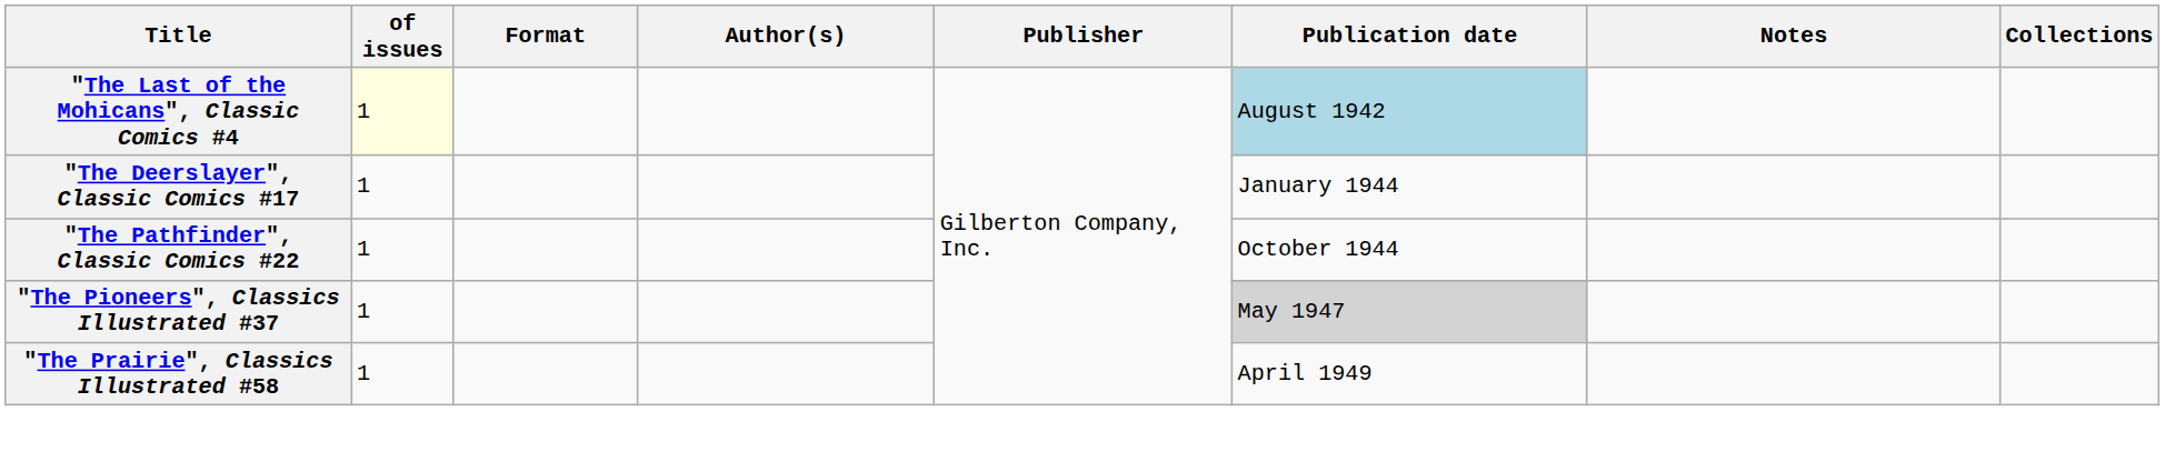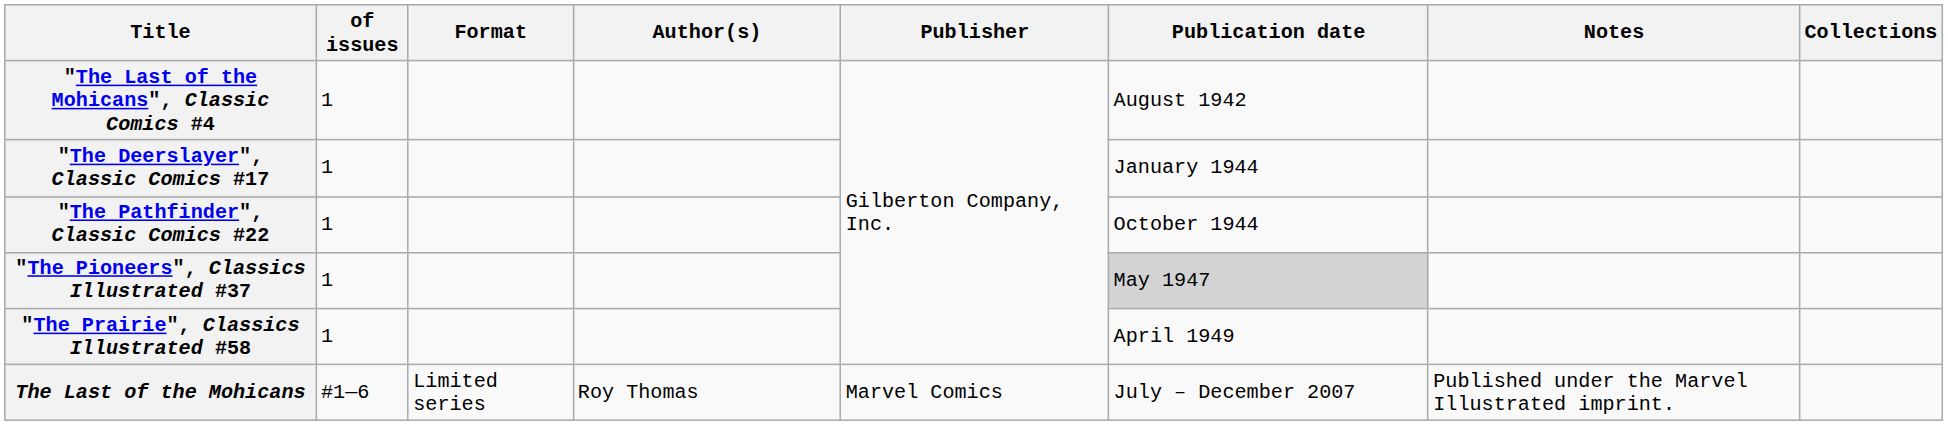 <table class="wikitable">
 <tr>
 <th>Title</th>
 <th style="width:40pt"> of issues</th>
 <th style="width:75pt">Format</th>
 <th style="width:125pt">Author(s)</th>
 <th style="width:125pt">Publisher</th>
 <th style="width:150pt">Publication date</th>
 <th style="width:175pt">Notes</th>
 <th>Collections</th>
 </tr>
 <tr>
 <th>"<a href='#'>The Last of the Mohicans</a>", <em>Classic Comics</em> #4</th>
-<td style="background: lightyellow;">1</td>
+<td>1</td>
 <td></td>
 <td></td>
 <td rowspan="5">Gilberton Company, Inc.</td>
-<td style="background: lightblue;">August 1942</td>
+<td>August 1942</td>
 <td></td>
 <td></td>
 </tr>
 <tr>
 <th>"<a href='#'>The Deerslayer</a>", <em>Classic Comics</em> #17</th>
 <td>1</td>
 <td></td>
 <td></td>
 <td>January 1944</td>
 <td></td>
 <td></td>
 </tr>
 <tr>
 <th>"<a href='#'>The Pathfinder</a>", <em>Classic Comics</em> #22</th>
 <td>1</td>
 <td></td>
 <td></td>
 <td>October 1944</td>
 <td></td>
 <td></td>
 </tr>
 <tr>
 <th>"<a href='#'>The Pioneers</a>", <em>Classics Illustrated</em> #37</th>
 <td>1</td>
 <td></td>
 <td></td>
 <td style="background: lightgrey;">May 1947</td>
 <td></td>
 <td></td>
 </tr>
 <tr>
 <th>"<a href='#'>The Prairie</a>", <em>Classics Illustrated</em> #58</th>
 <td>1</td>
 <td></td>
 <td></td>
 <td>April 1949</td>
 <td></td>
 <td></td>
 </tr>
+<tr>
+<th><em>The Last of the Mohicans</em></th>
+<td>#1—6</td>
+<td>Limited series</td>
+<td>Roy Thomas</td>
+<td>Marvel Comics</td>
+<td>July – December 2007</td>
+<td>Published under the Marvel Illustrated imprint.</td>
+<td></td>
+</tr>
 </table>
